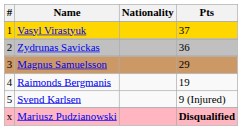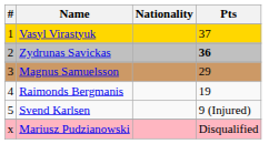 <table class="wikitable">
 <tr>
 <th>#</th>
 <th>Name</th>
 <th>Nationality</th>
 <th>Pts</th>
 </tr>
 <tr>
 </tr>
 <tr style="background:gold;">
 <td>1</td>
 <td><a href='#'>Vasyl Virastyuk</a></td>
 <td></td>
 <td>37</td>
 </tr>
 <tr>
 </tr>
 <tr style="background:silver;">
 <td>2</td>
 <td><a href='#'>Zydrunas Savickas</a></td>
 <td></td>
-<td>36</td>
+<td><strong>36</strong></td>
 </tr>
 <tr>
 </tr>
 <tr style="background:#c96;">
 <td>3</td>
 <td><a href='#'>Magnus Samuelsson</a></td>
 <td></td>
 <td>29</td>
 </tr>
 <tr>
 <td>4</td>
 <td><a href='#'>Raimonds Bergmanis</a></td>
 <td></td>
 <td>19</td>
 </tr>
 <tr>
 <td>5</td>
 <td><a href='#'>Svend Karlsen</a></td>
 <td></td>
 <td>9 (Injured)</td>
 </tr>
 <tr>
 </tr>
 <tr style="background:lightpink;">
 <td>x</td>
 <td><a href='#'>Mariusz Pudzianowski</a></td>
 <td></td>
-<td><strong>Disqualified</strong></td>
+<td>Disqualified</td>
 </tr>
 </table>
